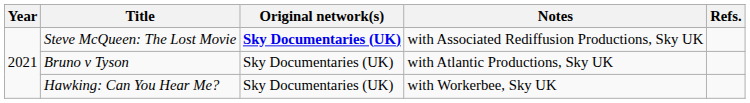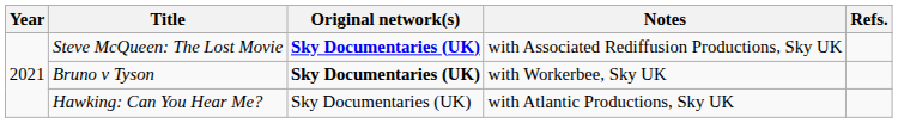 <table class="wikitable">
 <tr>
 <th scope="col">Year</th>
 <th scope="col">Title</th>
 <th scope="col">Original network(s)</th>
 <th scope="col">Notes</th>
 <th scope="col">Refs.</th>
 </tr>
 <tr>
 <td rowspan="3">2021</td>
 <td><em>Steve McQueen: The Lost Movie</em></td>
 <td><strong><a href='#'>Sky Documentaries (UK)</a></strong></td>
 <td>with Associated Rediffusion Productions, Sky UK</td>
 <td></td>
 </tr>
 <tr>
 <td><em>Bruno v Tyson</em></td>
-<td>Sky Documentaries (UK)</td>
-<td>with Atlantic Productions, Sky UK</td>
+<td><strong>Sky Documentaries (UK)</strong></td>
+<td>with Workerbee, Sky UK</td>
 <td></td>
 </tr>
 <tr>
 <td><em>Hawking: Can You Hear Me?</em></td>
 <td>Sky Documentaries (UK)</td>
-<td>with Workerbee, Sky UK</td>
+<td>with Atlantic Productions, Sky UK</td>
 <td></td>
 </tr>
 </table>
